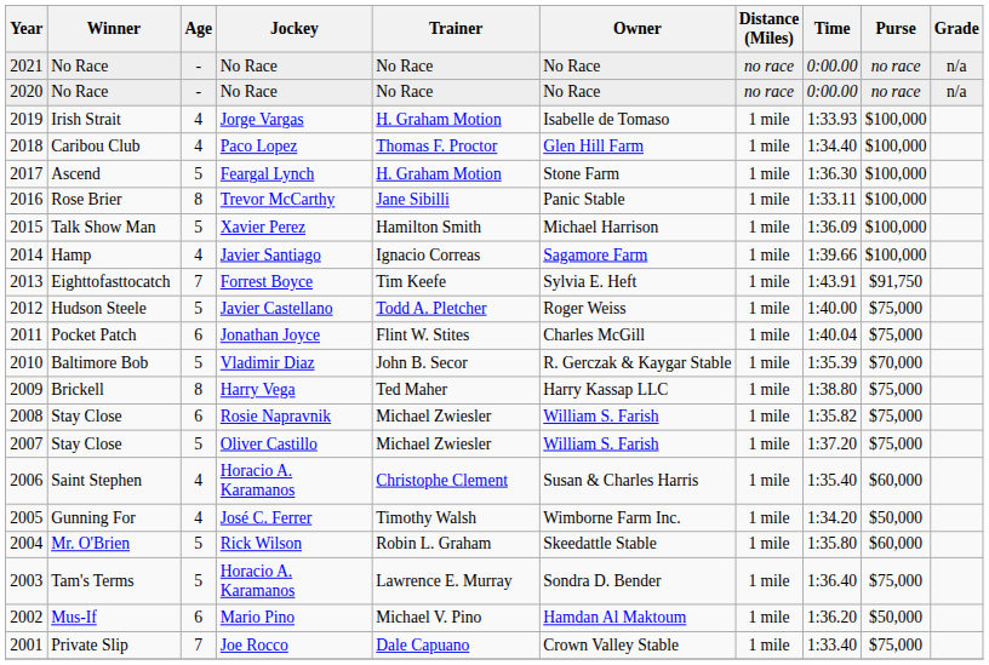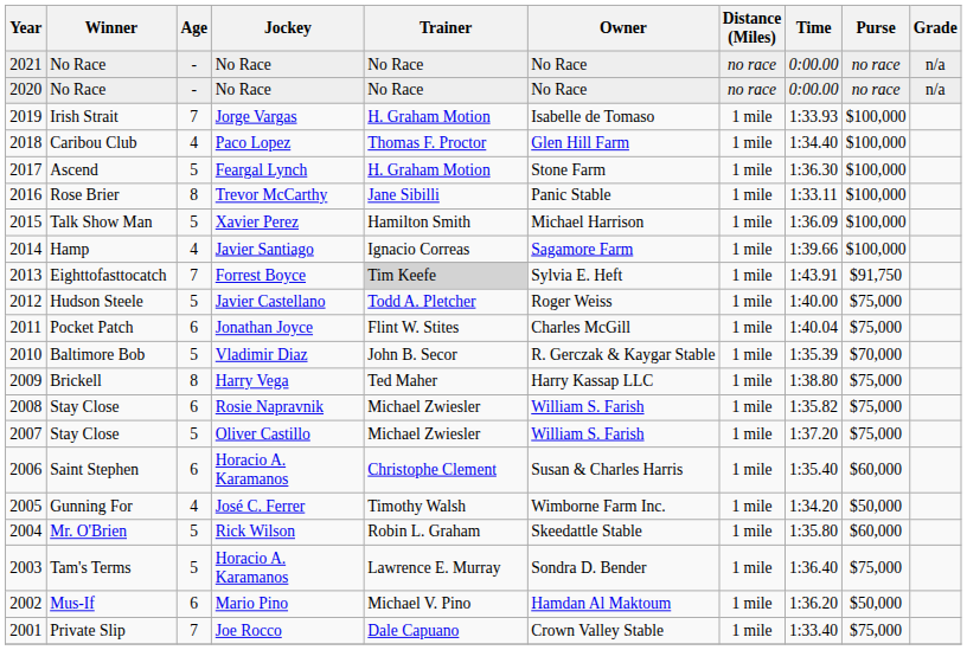 <table class="wikitable sortable" style="font-size:90%">
 <tr>
 <th style="width:30px">Year<br></th>
 <th style="width:110px">Winner<br></th>
 <th style="width:25px">Age<br></th>
 <th style="width:130px">Jockey<br></th>
 <th style="width:140px">Trainer<br></th>
 <th style="width:">Owner<br></th>
 <th style="width:30px">Distance<br>  (Miles) <br></th>
 <th style="width:30px">Time<br></th>
 <th style="width:35px">Purse<br></th>
 <th style="width:30px">Grade</th>
 </tr>
 <tr bgcolor="#eeeeee">
 <td align=center>2021</td>
 <td>No Race</td>
 <td align=center>-</td>
 <td>No Race</td>
 <td>No Race</td>
 <td>No Race</td>
 <td align=center><em>no race</em></td>
 <td align=center><em>0:00.00</em></td>
 <td align=center><em>no race</em></td>
 <td align=center>n/a</td>
 </tr>
 <tr bgcolor="#eeeeee">
 <td align=center>2020</td>
 <td>No Race</td>
 <td align=center>-</td>
 <td>No Race</td>
 <td>No Race</td>
 <td>No Race</td>
 <td align=center><em>no race</em></td>
 <td align=center><em>0:00.00</em></td>
 <td align=center><em>no race</em></td>
 <td align=center>n/a</td>
 </tr>
 <tr>
 <td align=center>2019</td>
 <td>Irish Strait</td>
-<td align=center>4</td>
+<td align=center>7</td>
 <td><a href='#'>Jorge Vargas</a></td>
 <td><a href='#'>H. Graham Motion</a></td>
 <td>Isabelle de Tomaso</td>
 <td align=center>1 mile</td>
 <td align=center>1:33.93</td>
 <td align=center>$100,000</td>
 <td></td>
 </tr>
 <tr>
 <td align=center>2018</td>
 <td>Caribou Club</td>
 <td align=center>4</td>
 <td><a href='#'>Paco Lopez</a></td>
 <td><a href='#'>Thomas F. Proctor</a></td>
 <td><a href='#'>Glen Hill Farm</a></td>
 <td align=center>1 mile</td>
 <td align=center>1:34.40</td>
 <td align=center>$100,000</td>
 <td></td>
 </tr>
 <tr>
 <td align=center>2017</td>
 <td>Ascend</td>
 <td align=center>5</td>
 <td><a href='#'>Feargal Lynch</a></td>
 <td><a href='#'>H. Graham Motion</a></td>
 <td>Stone Farm</td>
 <td align=center>1 mile</td>
 <td align=center>1:36.30</td>
 <td align=center>$100,000</td>
 <td></td>
 </tr>
 <tr>
 <td align=center>2016</td>
 <td>Rose Brier</td>
 <td align=center>8</td>
 <td><a href='#'>Trevor McCarthy</a></td>
 <td><a href='#'>Jane Sibilli</a></td>
 <td>Panic Stable</td>
 <td align=center>1 mile</td>
 <td align=center>1:33.11</td>
 <td align=center>$100,000</td>
 <td></td>
 </tr>
 <tr>
 <td align=center>2015</td>
 <td>Talk Show Man</td>
 <td align=center>5</td>
 <td><a href='#'>Xavier Perez</a></td>
 <td>Hamilton Smith</td>
 <td>Michael Harrison</td>
 <td align=center>1 mile</td>
 <td align=center>1:36.09</td>
 <td align=center>$100,000</td>
 <td></td>
 </tr>
 <tr>
 <td align=center>2014</td>
 <td>Hamp</td>
 <td align=center>4</td>
 <td><a href='#'>Javier Santiago</a></td>
 <td>Ignacio Correas</td>
 <td><a href='#'>Sagamore Farm</a></td>
 <td align=center>1 mile</td>
 <td align=center>1:39.66</td>
 <td align=center>$100,000</td>
 <td></td>
 </tr>
 <tr>
 <td align=center>2013</td>
 <td>Eighttofasttocatch</td>
 <td align=center>7</td>
 <td><a href='#'>Forrest Boyce</a></td>
-<td>Tim Keefe</td>
+<td style="background: lightgrey;">Tim Keefe</td>
 <td>Sylvia E. Heft</td>
 <td align=center>1 mile</td>
 <td align=center>1:43.91</td>
 <td align=center>$91,750</td>
 <td></td>
 </tr>
 <tr>
 <td align=center>2012</td>
 <td>Hudson Steele</td>
 <td align=center>5</td>
 <td><a href='#'>Javier Castellano</a></td>
 <td><a href='#'>Todd A. Pletcher</a></td>
 <td>Roger Weiss</td>
 <td align=center>1 mile</td>
 <td align=center>1:40.00</td>
 <td align=center>$75,000</td>
 <td></td>
 </tr>
 <tr>
 <td align=center>2011</td>
 <td>Pocket Patch</td>
 <td align=center>6</td>
 <td><a href='#'>Jonathan Joyce</a></td>
 <td>Flint W. Stites</td>
 <td>Charles McGill</td>
 <td align=center>1 mile</td>
 <td align=center>1:40.04</td>
 <td align=center>$75,000</td>
 <td></td>
 </tr>
 <tr>
 <td align=center>2010</td>
 <td>Baltimore Bob</td>
 <td align=center>5</td>
 <td><a href='#'>Vladimir Diaz</a></td>
 <td>John B. Secor</td>
 <td>R. Gerczak & Kaygar Stable</td>
 <td align=center>1 mile</td>
 <td align=center>1:35.39</td>
 <td align=center>$70,000</td>
 <td></td>
 </tr>
 <tr>
 <td align=center>2009</td>
 <td>Brickell</td>
 <td align=center>8</td>
 <td><a href='#'>Harry Vega</a></td>
 <td>Ted Maher</td>
 <td>Harry Kassap LLC</td>
 <td align=center>1 mile</td>
 <td align=center>1:38.80</td>
 <td align=center>$75,000</td>
 <td></td>
 </tr>
 <tr>
 <td align=center>2008</td>
 <td>Stay Close</td>
 <td align=center>6</td>
 <td><a href='#'>Rosie Napravnik</a></td>
 <td>Michael Zwiesler</td>
 <td><a href='#'>William S. Farish</a></td>
 <td align=center>1 mile</td>
 <td align=center>1:35.82</td>
 <td align=center>$75,000</td>
 <td></td>
 </tr>
 <tr>
 <td align=center>2007</td>
 <td>Stay Close</td>
 <td align=center>5</td>
 <td><a href='#'>Oliver Castillo</a></td>
 <td>Michael Zwiesler</td>
 <td><a href='#'>William S. Farish</a></td>
 <td align=center>1 mile</td>
 <td align=center>1:37.20</td>
 <td align=center>$75,000</td>
 <td></td>
 </tr>
 <tr>
 <td align=center>2006</td>
 <td>Saint Stephen</td>
-<td align=center>4</td>
+<td align=center>6</td>
 <td><a href='#'>Horacio A. Karamanos</a></td>
 <td><a href='#'>Christophe Clement</a></td>
 <td>Susan & Charles Harris</td>
 <td align=center>1 mile</td>
 <td align=center>1:35.40</td>
 <td align=center>$60,000</td>
 <td></td>
 </tr>
 <tr>
 <td align=center>2005</td>
 <td>Gunning For</td>
 <td align=center>4</td>
 <td><a href='#'>José C. Ferrer</a></td>
 <td>Timothy Walsh</td>
 <td>Wimborne Farm Inc.</td>
 <td align=center>1 mile</td>
 <td align=center>1:34.20</td>
 <td align=center>$50,000</td>
 <td></td>
 </tr>
 <tr>
 <td align=center>2004</td>
 <td><a href='#'>Mr. O'Brien</a></td>
 <td align=center>5</td>
 <td><a href='#'>Rick Wilson</a></td>
 <td>Robin L. Graham</td>
 <td>Skeedattle Stable</td>
 <td align=center>1 mile</td>
 <td align=center>1:35.80</td>
 <td align=center>$60,000</td>
 <td></td>
 </tr>
 <tr>
 <td align=center>2003</td>
 <td>Tam's Terms</td>
 <td align=center>5</td>
 <td><a href='#'>Horacio A. Karamanos</a></td>
 <td>Lawrence E. Murray</td>
 <td>Sondra D. Bender</td>
 <td align=center>1 mile</td>
 <td align=center>1:36.40</td>
 <td align=center>$75,000</td>
 <td></td>
 </tr>
 <tr>
 <td align=center>2002</td>
 <td><a href='#'>Mus-If</a></td>
 <td align=center>6</td>
 <td><a href='#'>Mario Pino</a></td>
 <td>Michael V. Pino</td>
 <td><a href='#'>Hamdan Al Maktoum</a></td>
 <td align=center>1 mile</td>
 <td align=center>1:36.20</td>
 <td align=center>$50,000</td>
 <td></td>
 </tr>
 <tr>
 <td align=center>2001</td>
 <td>Private Slip</td>
 <td align=center>7</td>
 <td><a href='#'>Joe Rocco</a></td>
 <td><a href='#'>Dale Capuano</a></td>
 <td>Crown Valley Stable</td>
 <td align=center>1 mile</td>
 <td align=center>1:33.40</td>
 <td align=center>$75,000</td>
 <td></td>
 </tr>
 <tr>
 </tr>
 </table>
